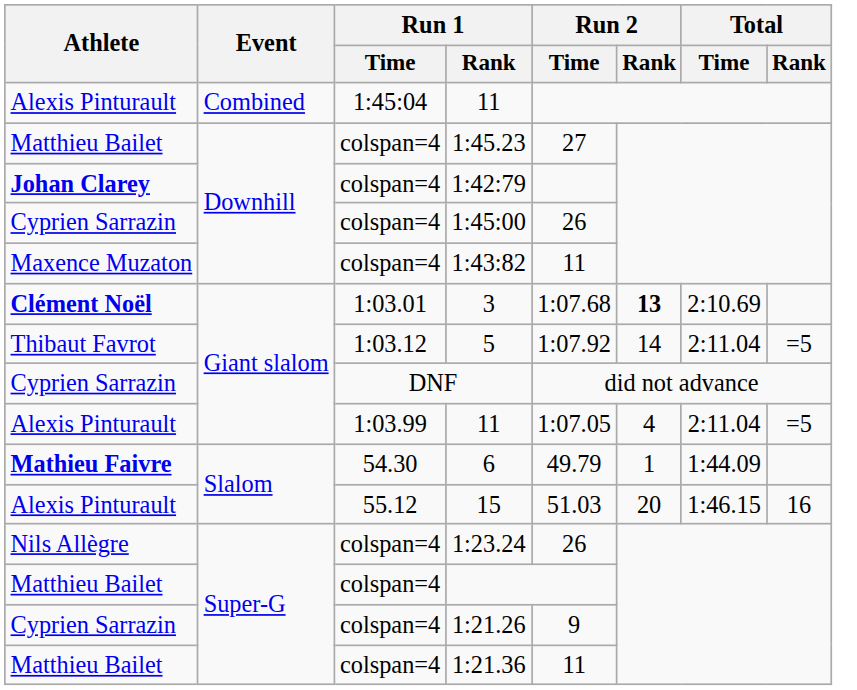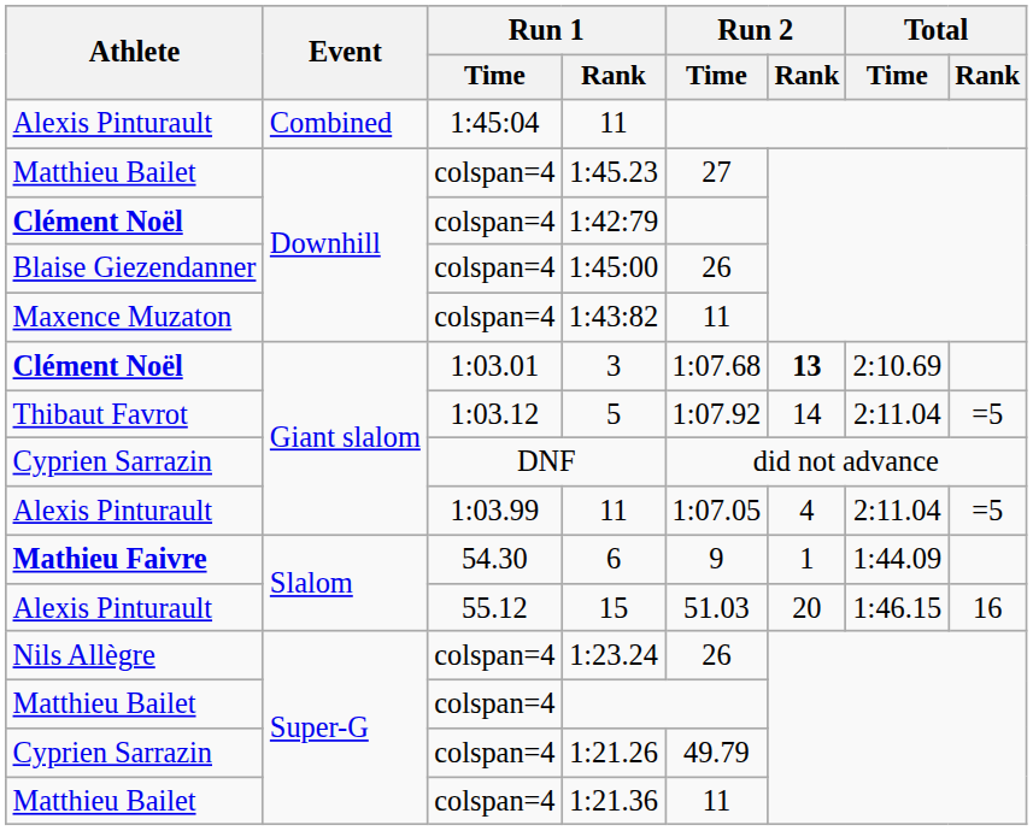 <table class=wikitable style=font-size:90%;text-align:center>
 <tr>
 <th rowspan=2>Athlete</th>
 <th rowspan=2>Event</th>
 <th colspan=2>Run 1</th>
 <th colspan=2>Run 2</th>
 <th colspan=2>Total</th>
 </tr>
 <tr style="font-size:95%">
 <th>Time</th>
 <th>Rank</th>
 <th>Time</th>
 <th>Rank</th>
 <th>Time</th>
 <th>Rank</th>
 </tr>
 <tr>
 <td align=left><a href='#'>Alexis Pinturault</a></td>
 <td align=left><a href='#'>Combined</a></td>
 <td>1:45:04</td>
 <td>11</td>
 <td colspan=4></td>
 </tr>
 <tr>
 <td align=left><a href='#'>Matthieu Bailet</a></td>
 <td align=left rowspan=4><a href='#'>Downhill</a></td>
 <td>colspan=4</td>
 <td>1:45.23</td>
 <td>27</td>
 </tr>
 <tr>
-<td align=left><strong><a href='#'>Johan Clarey</a></strong></td>
+<td align=left><strong><a href='#'>Clément Noël</a></strong></td>
 <td>colspan=4</td>
 <td>1:42:79</td>
 <td></td>
 </tr>
 <tr>
-<td align=left><a href='#'>Cyprien Sarrazin</a></td>
+<td align=left><a href='#'>Blaise Giezendanner</a></td>
 <td>colspan=4</td>
 <td>1:45:00</td>
 <td>26</td>
 </tr>
 <tr>
 <td align=left><a href='#'>Maxence Muzaton</a></td>
 <td>colspan=4</td>
 <td>1:43:82</td>
 <td>11</td>
 </tr>
 <tr>
 <td align=left><strong><a href='#'>Clément Noël</a></strong></td>
 <td align=left rowspan=4><a href='#'>Giant slalom</a></td>
 <td>1:03.01</td>
 <td>3</td>
 <td>1:07.68</td>
 <td><strong>13</strong></td>
 <td>2:10.69</td>
 <td></td>
 </tr>
 <tr>
 <td align=left><a href='#'>Thibaut Favrot</a></td>
 <td>1:03.12</td>
 <td>5</td>
 <td>1:07.92</td>
 <td>14</td>
 <td>2:11.04</td>
 <td>=5</td>
 </tr>
 <tr>
 <td align=left><a href='#'>Cyprien Sarrazin</a></td>
 <td colspan=2>DNF</td>
 <td colspan=4>did not advance</td>
 </tr>
 <tr>
 <td align=left><a href='#'>Alexis Pinturault</a></td>
 <td>1:03.99</td>
 <td>11</td>
 <td>1:07.05</td>
 <td>4</td>
 <td>2:11.04</td>
 <td>=5</td>
 </tr>
 <tr>
 <td align=left><strong><a href='#'>Mathieu Faivre</a></strong></td>
 <td align=left rowspan=2><a href='#'>Slalom</a></td>
 <td>54.30</td>
 <td>6</td>
-<td>49.79</td>
+<td>9</td>
 <td>1</td>
 <td>1:44.09</td>
 <td></td>
 </tr>
 <tr>
 <td align=left><a href='#'>Alexis Pinturault</a></td>
 <td>55.12</td>
 <td>15</td>
 <td>51.03</td>
 <td>20</td>
 <td>1:46.15</td>
 <td>16</td>
 </tr>
 <tr>
 <td align=left><a href='#'>Nils Allègre</a></td>
 <td align=left rowspan=4><a href='#'>Super-G</a></td>
 <td>colspan=4</td>
 <td>1:23.24</td>
 <td>26</td>
 </tr>
 <tr>
 <td align=left><a href='#'>Matthieu Bailet</a></td>
 <td>colspan=4</td>
 <td colspan=2></td>
 </tr>
 <tr align=center>
 <td align=left><a href='#'>Cyprien Sarrazin</a></td>
 <td>colspan=4</td>
 <td>1:21.26</td>
-<td>9</td>
+<td>49.79</td>
 </tr>
 <tr>
 <td align=left><a href='#'>Matthieu Bailet</a></td>
 <td>colspan=4</td>
 <td>1:21.36</td>
 <td>11</td>
 </tr>
 </table>
